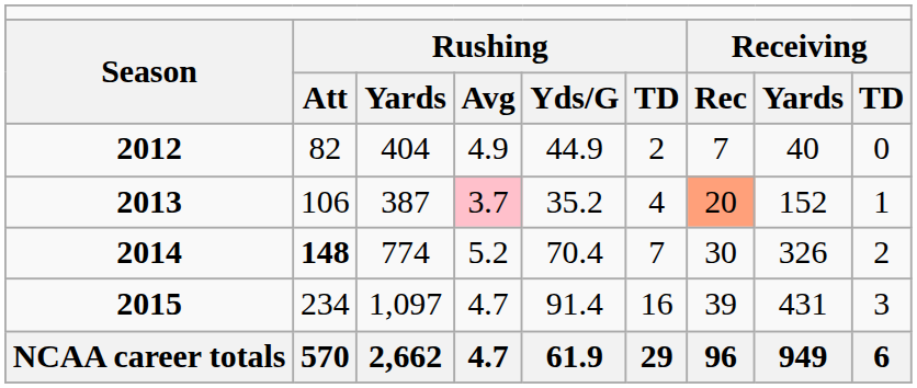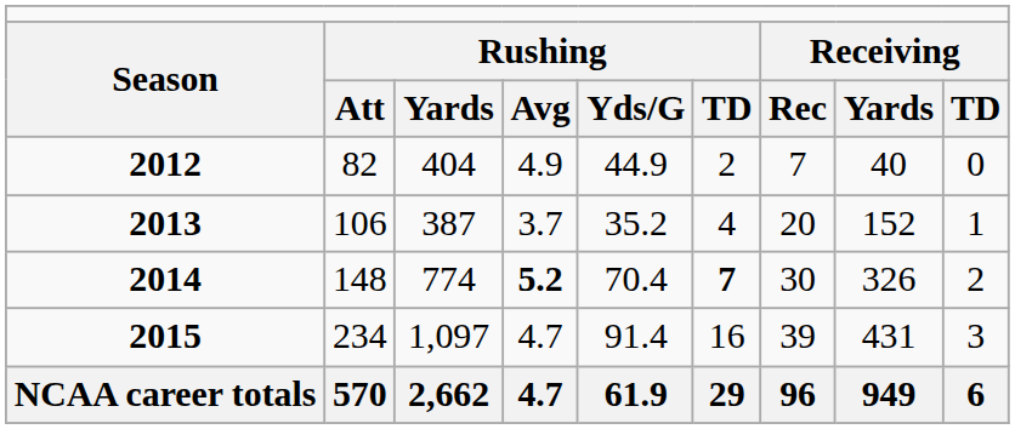 <table class=wikitable style="text-align:center;">
 <tr>
 <td ! colspan="10"></td>
 </tr>
 <tr>
 <th rowspan=2>Season</th>
 <th colspan=5>Rushing</th>
 <th colspan=3>Receiving</th>
 </tr>
 <tr>
 <th>Att</th>
 <th>Yards</th>
 <th>Avg</th>
 <th>Yds/G</th>
 <th>TD</th>
 <th>Rec</th>
 <th>Yards</th>
 <th>TD</th>
 </tr>
 <tr>
 <td><strong>2012</strong></td>
 <td>82</td>
 <td>404</td>
 <td>4.9</td>
 <td>44.9</td>
 <td>2</td>
 <td>7</td>
 <td>40</td>
 <td>0</td>
 </tr>
 <tr>
 <td><strong>2013</strong></td>
 <td>106</td>
 <td>387</td>
-<td style="background: pink;">3.7</td>
+<td>3.7</td>
 <td>35.2</td>
 <td>4</td>
-<td style="background: lightsalmon;">20</td>
+<td>20</td>
 <td>152</td>
 <td>1</td>
 </tr>
 <tr>
 <td><strong>2014</strong></td>
-<td><strong>148</strong></td>
+<td>148</td>
 <td>774</td>
-<td>5.2</td>
+<td><strong>5.2</strong></td>
 <td>70.4</td>
-<td>7</td>
+<td><strong>7</strong></td>
 <td>30</td>
 <td>326</td>
 <td>2</td>
 </tr>
 <tr>
 <td><strong>2015</strong></td>
 <td>234</td>
 <td>1,097</td>
 <td>4.7</td>
 <td>91.4</td>
 <td>16</td>
 <td>39</td>
 <td>431</td>
 <td>3</td>
 </tr>
 <tr>
 <th>NCAA career totals</th>
 <th>570</th>
 <th>2,662</th>
 <th>4.7</th>
 <th>61.9</th>
 <th>29</th>
 <th>96</th>
 <th>949</th>
 <th>6</th>
 </tr>
 </table>
